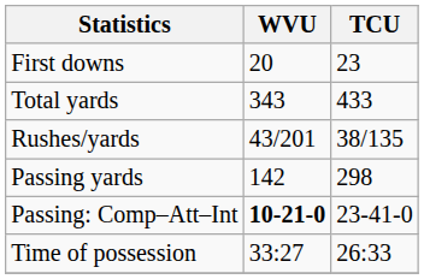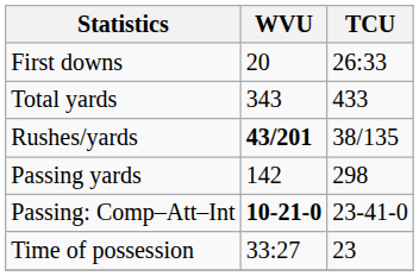 <table class="wikitable" style="float: left;">
 <tr>
 <th>Statistics</th>
 <th>WVU</th>
 <th>TCU</th>
 </tr>
 <tr>
 <td>First downs</td>
 <td>20</td>
-<td>23</td>
+<td>26:33</td>
 </tr>
 <tr>
 <td>Total yards</td>
 <td>343</td>
 <td>433</td>
 </tr>
 <tr>
 <td>Rushes/yards</td>
-<td>43/201</td>
+<td><strong>43/201</strong></td>
 <td>38/135</td>
 </tr>
 <tr>
 <td>Passing yards</td>
 <td>142</td>
 <td>298</td>
 </tr>
 <tr>
 <td>Passing: Comp–Att–Int</td>
 <td><strong>10-21-0</strong></td>
 <td>23-41-0</td>
 </tr>
 <tr>
 <td>Time of possession</td>
 <td>33:27</td>
-<td>26:33</td>
+<td>23</td>
 </tr>
 <tr>
 </tr>
 </table>
